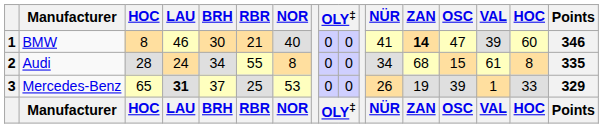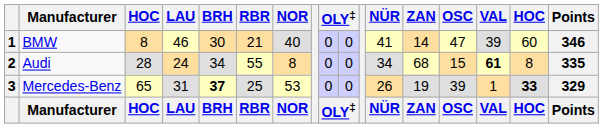 <table class="wikitable" style="font-size:85%; text-align:center">
 <tr style="background:#f9f9f9" valign="top">
 <th valign="middle"></th>
 <th valign="middle">Manufacturer</th>
 <th><a href='#'>HOC</a><br></th>
 <th><a href='#'>LAU</a><br></th>
 <th><a href='#'>BRH</a><br></th>
 <th><a href='#'>RBR</a><br></th>
 <th><a href='#'>NOR</a><br></th>
 <th rowspan=5></th>
 <th colspan=2><a href='#'>OLY</a><sup>‡</sup><br></th>
 <th rowspan=5></th>
 <th><a href='#'>NÜR</a><br></th>
 <th><a href='#'>ZAN</a><br></th>
 <th><a href='#'>OSC</a><br></th>
 <th><a href='#'>VAL</a><br></th>
 <th><a href='#'>HOC</a><br></th>
 <th valign="middle">Points</th>
 </tr>
 <tr>
 <th>1</th>
 <td align="left"><a href='#'>BMW</a></td>
 <td style="background:#ffdf9f;">8</td>
 <td style="background:#ffffbf;">46</td>
 <td style="background:#ffdf9f;">30</td>
 <td style="background:#ffdf9f;">21</td>
 <td style="background:#dfdfdf;">40</td>
 <td style="background:#CFCFFF;">0</td>
 <td style="background:#CFCFFF;">0</td>
 <td style="background:#ffffbf;">41</td>
-<td style="background:#ffdf9f;"><strong>14</strong></td>
+<td style="background:#ffdf9f;">14</td>
 <td style="background:#ffffbf;">47</td>
 <td style="background:#dfdfdf;">39</td>
 <td style="background:#ffffbf;">60</td>
 <th>346</th>
 </tr>
 <tr>
 <th>2</th>
 <td align="left"><a href='#'>Audi</a></td>
 <td style="background:#dfdfdf;">28</td>
 <td style="background:#ffdf9f;">24</td>
 <td style="background:#dfdfdf;">34</td>
 <td style="background:#ffffbf;">55</td>
 <td style="background:#ffdf9f;">8</td>
 <td style="background:#CFCFFF;">0</td>
 <td style="background:#CFCFFF;">0</td>
 <td style="background:#dfdfdf;">34</td>
 <td style="background:#ffffbf;">68</td>
 <td style="background:#ffdf9f;">15</td>
-<td style="background:#ffffbf;">61</td>
+<td style="background:#ffffbf;"><strong>61</strong></td>
 <td style="background:#ffdf9f;">8</td>
 <th>335</th>
 </tr>
 <tr>
 <th>3</th>
 <td align="left"><a href='#'>Mercedes-Benz</a></td>
 <td style="background:#ffffbf;">65</td>
-<td style="background:#dfdfdf;"><strong>31</strong></td>
-<td style="background:#ffffbf;">37</td>
+<td style="background:#dfdfdf;">31</td>
+<td style="background:#ffffbf;"><strong>37</strong></td>
 <td style="background:#dfdfdf;">25</td>
 <td style="background:#ffffbf;">53</td>
 <td style="background:#CFCFFF;">0</td>
 <td style="background:#CFCFFF;">0</td>
 <td style="background:#ffdf9f;">26</td>
 <td style="background:#dfdfdf;">19</td>
 <td style="background:#dfdfdf;">39</td>
 <td style="background:#ffdf9f;">1</td>
-<td style="background:#dfdfdf;">33</td>
+<td style="background:#dfdfdf;"><strong>33</strong></td>
 <th>329</th>
 </tr>
 <tr valign="top">
 <th valign="middle"></th>
 <th valign="middle">Manufacturer</th>
 <th><a href='#'>HOC</a><br></th>
 <th><a href='#'>LAU</a><br></th>
 <th><a href='#'>BRH</a><br></th>
 <th><a href='#'>RBR</a><br></th>
 <th><a href='#'>NOR</a><br></th>
 <th colspan=2><a href='#'>OLY</a><sup>‡</sup><br></th>
 <th><a href='#'>NÜR</a><br></th>
 <th><a href='#'>ZAN</a><br></th>
 <th><a href='#'>OSC</a><br></th>
 <th><a href='#'>VAL</a><br></th>
 <th><a href='#'>HOC</a><br></th>
 <th valign="middle">Points</th>
 </tr>
 </table>
